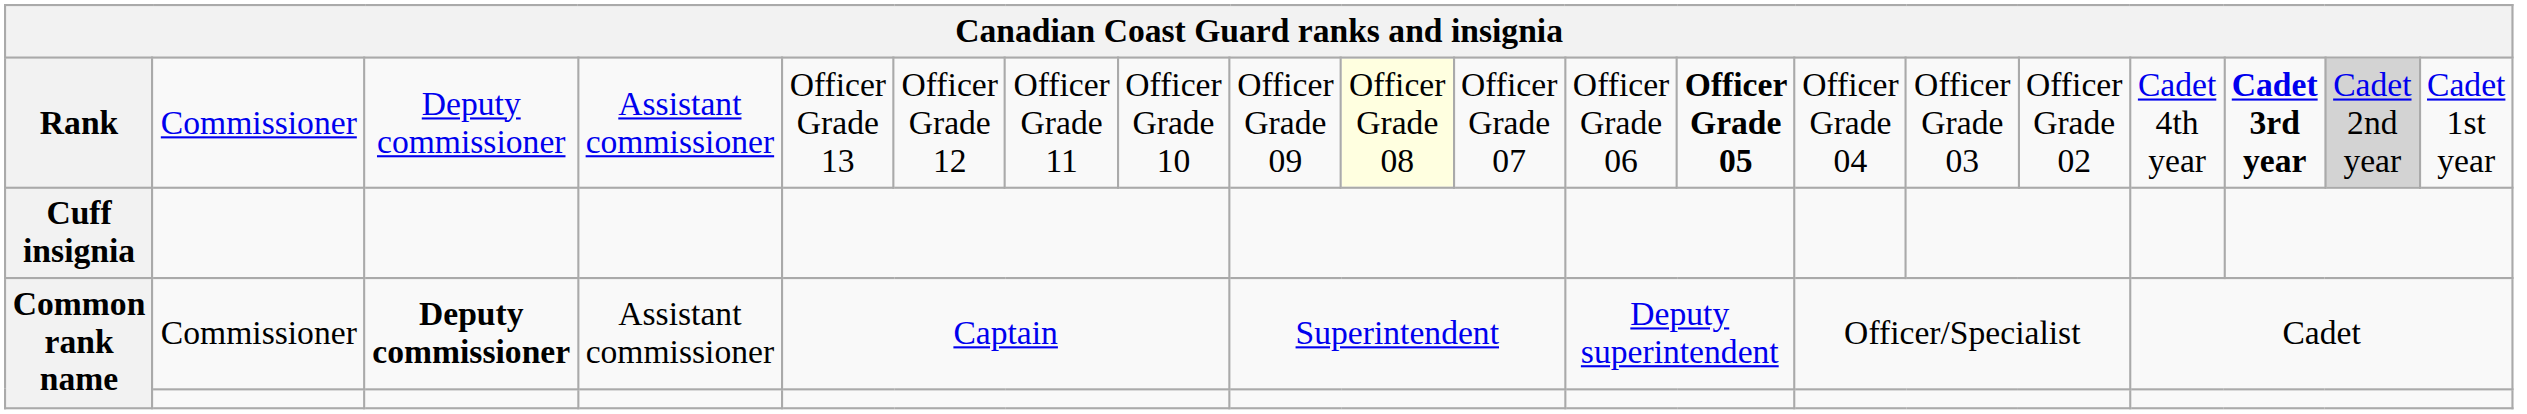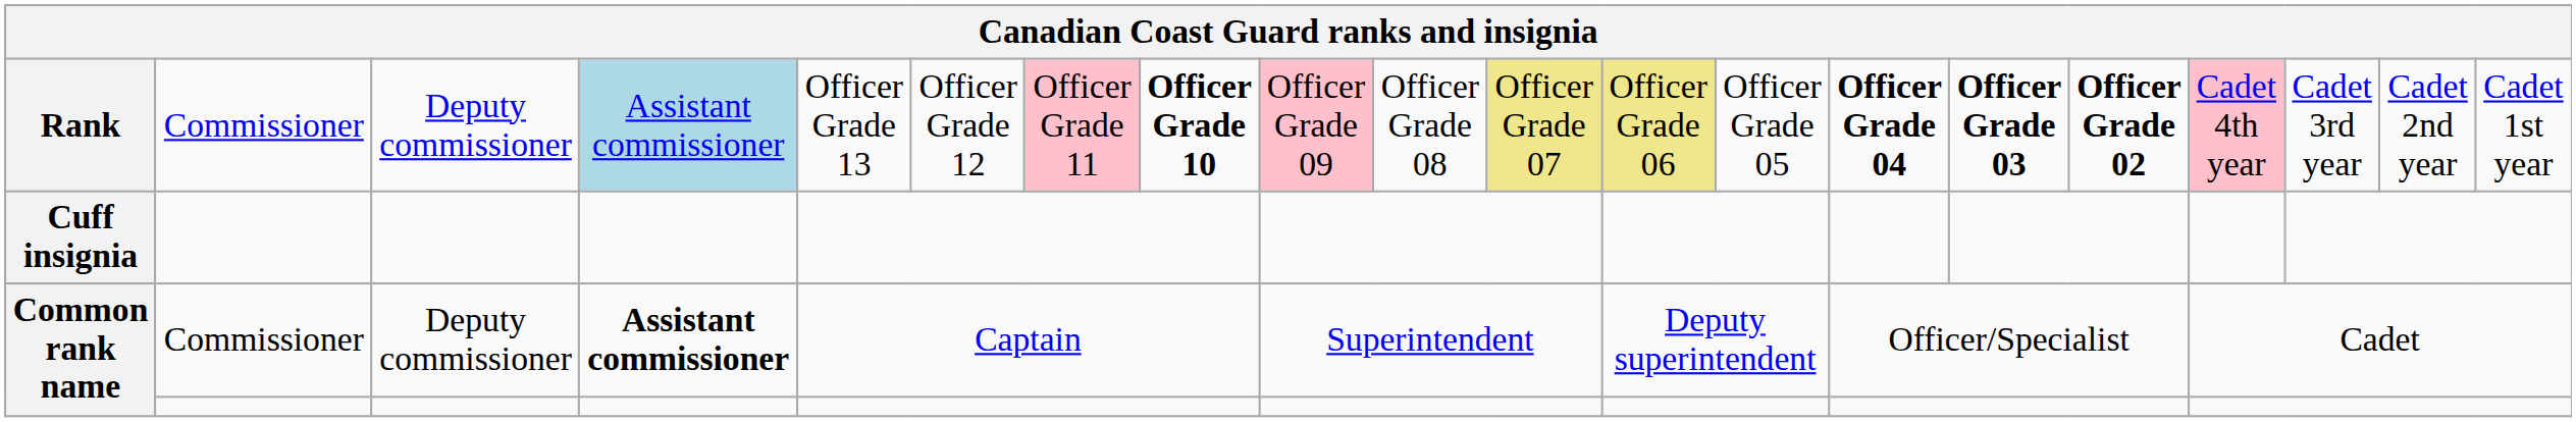 <table class="wikitable" style="text-align: center;">
 <tr>
 <th colspan=20>Canadian Coast Guard ranks and insignia</th>
 </tr>
 <tr>
 <th>Rank</th>
 <td><a href='#'>Commissioner</a></td>
 <td><a href='#'>Deputy commissioner</a></td>
-<td><a href='#'>Assistant commissioner</a></td>
+<td style="background: lightblue;"><a href='#'>Assistant commissioner</a></td>
 <td>Officer Grade 13</td>
 <td>Officer Grade 12</td>
-<td>Officer Grade 11</td>
-<td>Officer Grade 10</td>
-<td>Officer Grade 09</td>
-<td style="background: lightyellow;">Officer Grade 08</td>
-<td>Officer Grade 07</td>
-<td>Officer Grade 06</td>
-<td><strong>Officer Grade 05</strong></td>
-<td>Officer Grade 04</td>
-<td>Officer Grade 03</td>
-<td>Officer Grade 02</td>
-<td><a href='#'>Cadet</a> 4th year</td>
-<td><strong><a href='#'>Cadet</a> 3rd year</strong></td>
-<td style="background: lightgrey;"><a href='#'>Cadet</a> 2nd year</td>
+<td style="background: pink;">Officer Grade 11</td>
+<td><strong>Officer Grade 10</strong></td>
+<td style="background: pink;">Officer Grade 09</td>
+<td>Officer Grade 08</td>
+<td style="background: khaki;">Officer Grade 07</td>
+<td style="background: khaki;">Officer Grade 06</td>
+<td>Officer Grade 05</td>
+<td><strong>Officer Grade 04</strong></td>
+<td><strong>Officer Grade 03</strong></td>
+<td><strong>Officer Grade 02</strong></td>
+<td style="background: pink;"><a href='#'>Cadet</a> 4th year</td>
+<td><a href='#'>Cadet</a> 3rd year</td>
+<td><a href='#'>Cadet</a> 2nd year</td>
 <td><a href='#'>Cadet</a> 1st year</td>
 </tr>
 <tr>
 <th>Cuff insignia</th>
 <td></td>
 <td></td>
 <td></td>
 <td colspan=4></td>
 <td colspan=3></td>
 <td colspan=2></td>
 <td></td>
 <td colspan=2></td>
 <td></td>
 <td colspan=3></td>
 </tr>
 <tr style="text-align:center;">
 <th rowspan=2>Common rank name</th>
 <td>Commissioner</td>
-<td><strong>Deputy commissioner</strong></td>
-<td>Assistant commissioner</td>
+<td>Deputy commissioner</td>
+<td><strong>Assistant commissioner</strong></td>
 <td colspan=4><a href='#'>Captain</a></td>
 <td colspan=3><a href='#'>Superintendent</a></td>
 <td colspan=2><a href='#'>Deputy superintendent</a></td>
 <td colspan=3>Officer/Specialist</td>
 <td colspan=4>Cadet</td>
 </tr>
 <tr style="text-align:center;">
 <td></td>
 <td></td>
 <td></td>
 <td colspan=4></td>
 <td colspan=3></td>
 <td colspan=2></td>
 <td colspan=3></td>
 <td colspan=4></td>
 </tr>
 </table>
